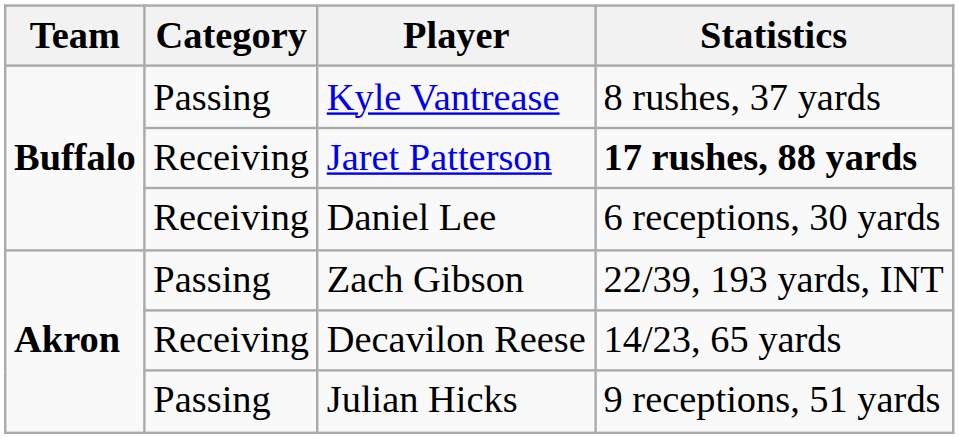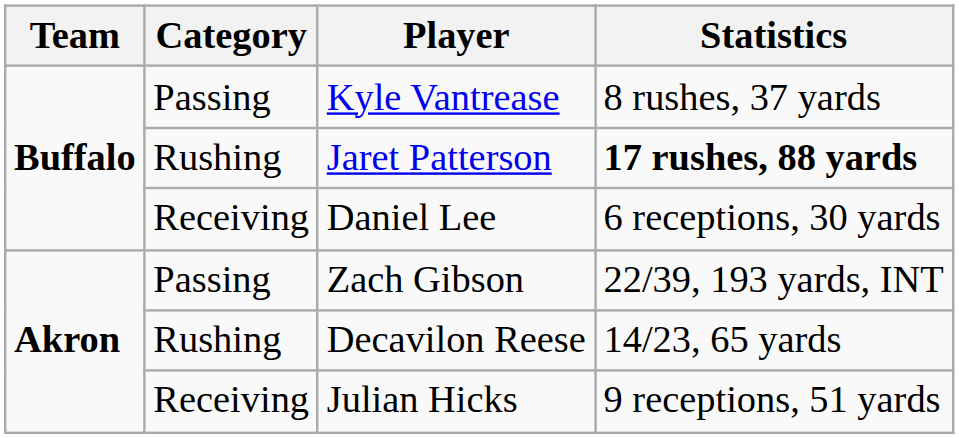 <table class="wikitable" style="float: left;">
 <tr>
 <th>Team</th>
 <th>Category</th>
 <th>Player</th>
 <th>Statistics</th>
 </tr>
 <tr>
 <td rowspan=3><strong>Buffalo</strong></td>
 <td>Passing</td>
 <td><a href='#'>Kyle Vantrease</a></td>
 <td>8 rushes, 37 yards</td>
 </tr>
 <tr>
-<td>Receiving</td>
+<td>Rushing</td>
 <td><a href='#'>Jaret Patterson</a></td>
 <td><strong>17 rushes, 88 yards</strong></td>
 </tr>
 <tr>
 <td>Receiving</td>
 <td>Daniel Lee</td>
 <td>6 receptions, 30 yards</td>
 </tr>
 <tr>
 <td rowspan=3><strong>Akron</strong></td>
 <td>Passing</td>
 <td>Zach Gibson</td>
 <td>22/39, 193 yards, INT</td>
 </tr>
 <tr>
-<td>Receiving</td>
+<td>Rushing</td>
 <td>Decavilon Reese</td>
 <td>14/23, 65 yards</td>
 </tr>
 <tr>
-<td>Passing</td>
+<td>Receiving</td>
 <td>Julian Hicks</td>
 <td>9 receptions, 51 yards</td>
 </tr>
 </table>
